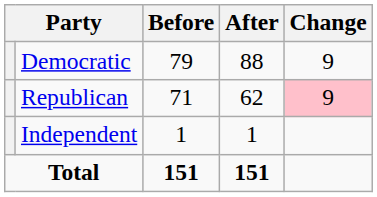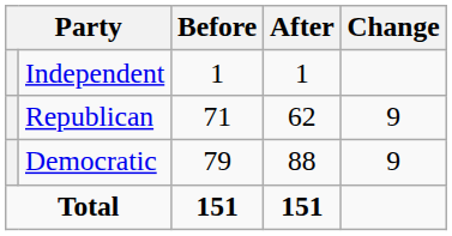 <table class="wikitable" style="text-align:center;">
 <tr>
 <th colspan="2">Party</th>
 <th>Before</th>
 <th>After</th>
 <th>Change</th>
 </tr>
 <tr>
 <th style="background-color:"></th>
-<td style="text-align:left;"><a href='#'>Democratic</a></td>
-<td>79</td>
-<td>88</td>
-<td> 9</td>
+<td style="text-align:left;"><a href='#'>Independent</a></td>
+<td>1</td>
+<td>1</td>
+<td></td>
 </tr>
 <tr>
 <th style="background-color:"></th>
 <td style="text-align:left;"><a href='#'>Republican</a></td>
 <td>71</td>
 <td>62</td>
-<td style="background: pink;"> 9</td>
+<td> 9</td>
 </tr>
 <tr>
 <th style="background-color:"></th>
-<td style="text-align:left;"><a href='#'>Independent</a></td>
-<td>1</td>
-<td>1</td>
-<td></td>
+<td style="text-align:left;"><a href='#'>Democratic</a></td>
+<td>79</td>
+<td>88</td>
+<td> 9</td>
 </tr>
 <tr>
 <td colspan="2"><strong>Total</strong></td>
 <td><strong>151</strong></td>
 <td><strong>151</strong></td>
 <td></td>
 </tr>
 </table>
